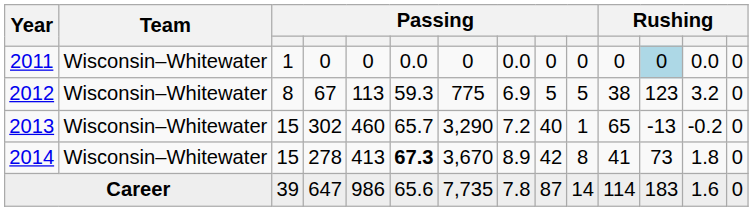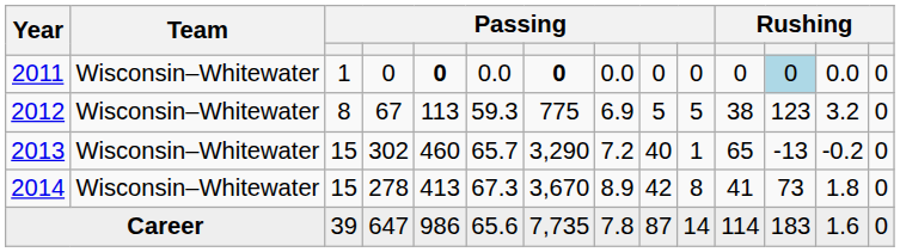 <table class="wikitable sortable" style="text-align:center;">
 <tr>
 <th rowspan=2>Year</th>
 <th rowspan=2>Team</th>
 <th colspan=8>Passing</th>
 <th colspan=4>Rushing</th>
 </tr>
 <tr>
 <th></th>
 <th></th>
 <th></th>
 <th></th>
 <th></th>
 <th></th>
 <th></th>
 <th></th>
 <th></th>
 <th></th>
 <th></th>
 <th></th>
 </tr>
 <tr>
 <td><a href='#'>2011</a></td>
 <td>Wisconsin–Whitewater</td>
 <td>1</td>
 <td>0</td>
-<td>0</td>
+<td><strong>0</strong></td>
 <td>0.0</td>
-<td>0</td>
+<td><strong>0</strong></td>
 <td>0.0</td>
 <td>0</td>
 <td>0</td>
 <td>0</td>
 <td style="background: lightblue;">0</td>
 <td>0.0</td>
 <td>0</td>
 </tr>
 <tr>
 <td><a href='#'>2012</a></td>
 <td>Wisconsin–Whitewater</td>
 <td>8</td>
 <td>67</td>
 <td>113</td>
 <td>59.3</td>
 <td>775</td>
 <td>6.9</td>
 <td>5</td>
 <td>5</td>
 <td>38</td>
 <td>123</td>
 <td>3.2</td>
 <td>0</td>
 </tr>
 <tr>
 <td><a href='#'>2013</a></td>
 <td>Wisconsin–Whitewater</td>
 <td>15</td>
 <td>302</td>
 <td>460</td>
 <td>65.7</td>
 <td>3,290</td>
 <td>7.2</td>
 <td>40</td>
 <td>1</td>
 <td>65</td>
 <td>-13</td>
 <td>-0.2</td>
 <td>0</td>
 </tr>
 <tr>
 <td><a href='#'>2014</a></td>
 <td>Wisconsin–Whitewater</td>
 <td>15</td>
 <td>278</td>
 <td>413</td>
-<td><strong>67.3</strong></td>
+<td>67.3</td>
 <td>3,670</td>
 <td>8.9</td>
 <td>42</td>
 <td>8</td>
 <td>41</td>
 <td>73</td>
 <td>1.8</td>
 <td>0</td>
 </tr>
 <tr class="sortbottom" style="background:#eee;">
 <td colspan=2><strong>Career</strong></td>
 <td>39</td>
 <td>647</td>
 <td>986</td>
 <td>65.6</td>
 <td>7,735</td>
 <td>7.8</td>
 <td>87</td>
 <td>14</td>
 <td>114</td>
 <td>183</td>
 <td>1.6</td>
 <td>0</td>
 </tr>
 </table>
